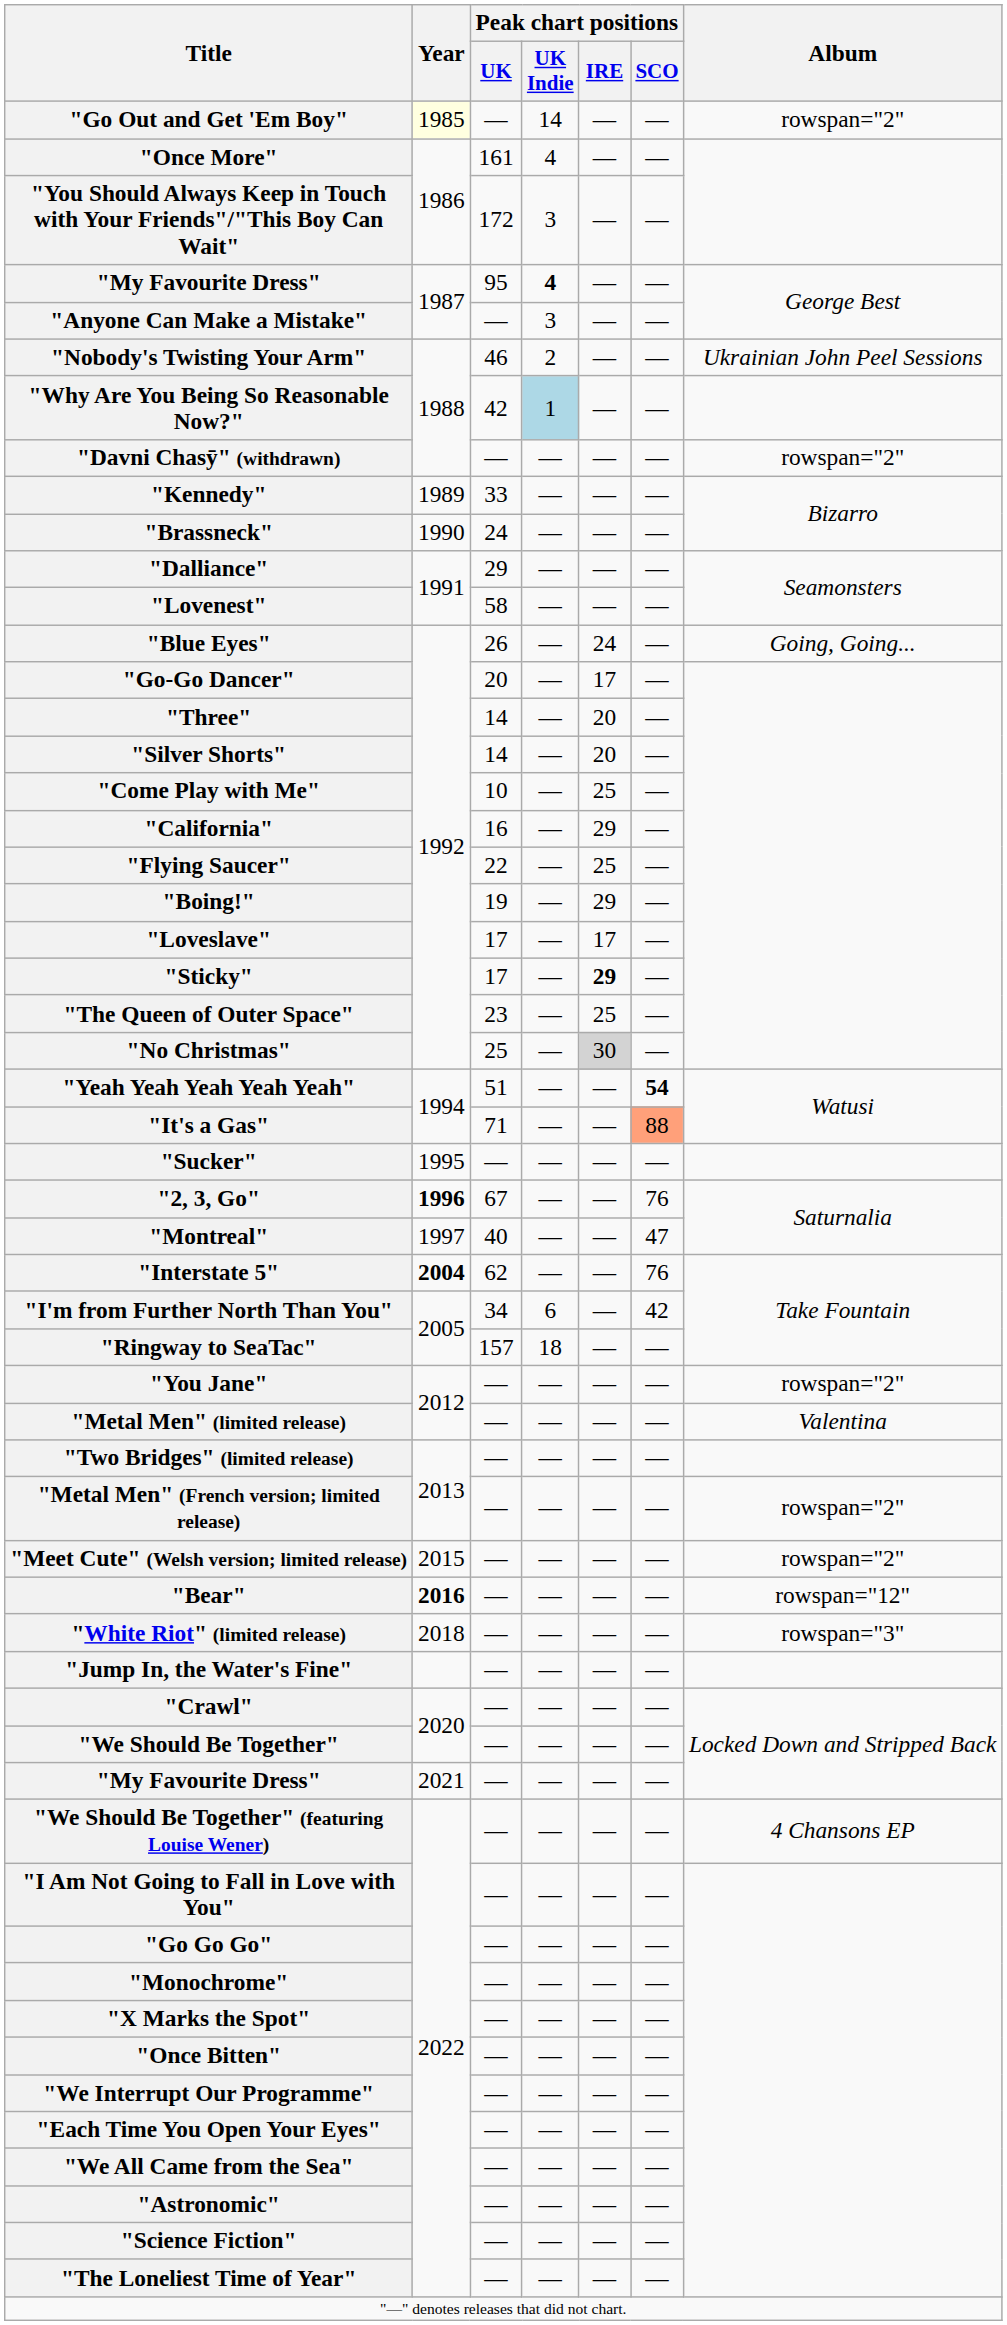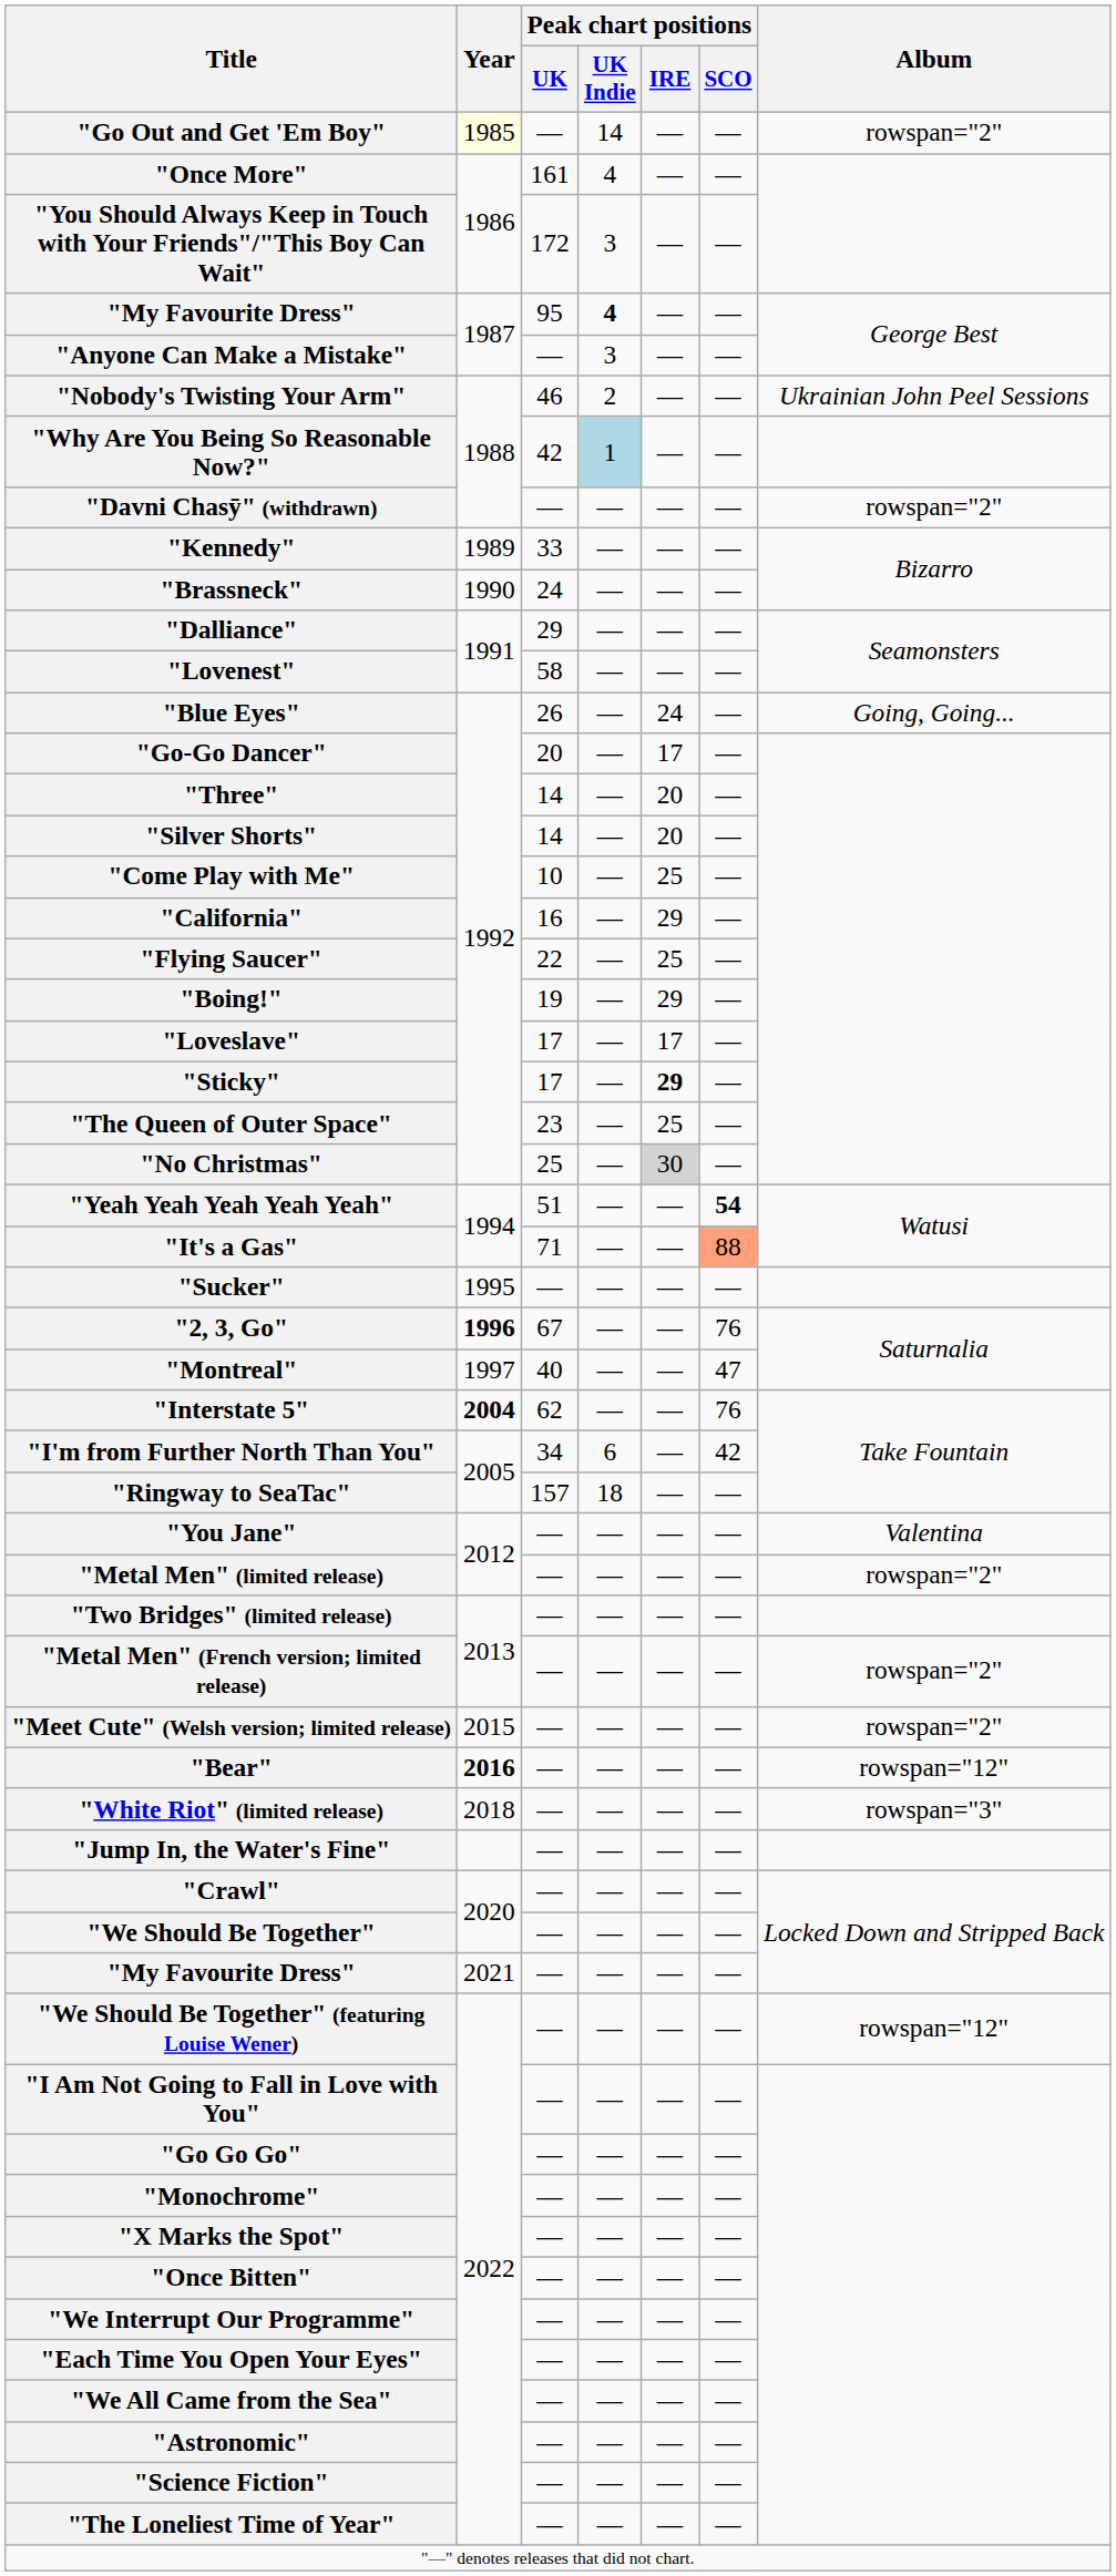 <table class="wikitable plainrowheaders" style="text-align:center;">
 <tr>
 <th rowspan="2" scope="col" style="width:17em;">Title</th>
 <th rowspan="2" scope="col" style="width:2em;">Year</th>
 <th colspan="4">Peak chart positions</th>
 <th rowspan="2">Album</th>
 </tr>
 <tr>
 <th scope="col" style="width:2em;font-size:90%;"><a href='#'>UK</a><br></th>
 <th scope="col" style="width:2em;font-size:90%;"><a href='#'>UK<br>Indie</a><br></th>
 <th scope="col" style="width:2em;font-size:90%;"><a href='#'>IRE</a><br></th>
 <th scope="col" style="width:2em;font-size:90%;"><a href='#'>SCO</a></th>
 </tr>
 <tr>
 <th scope="row">"Go Out and Get 'Em Boy"</th>
 <td style="background: lightyellow;">1985</td>
 <td>—</td>
 <td>14</td>
 <td>—</td>
 <td>—</td>
 <td>rowspan="2" </td>
 </tr>
 <tr>
 <th scope="row">"Once More"</th>
 <td rowspan="2">1986</td>
 <td>161</td>
 <td>4</td>
 <td>—</td>
 <td>—</td>
 </tr>
 <tr>
 <th scope="row">"You Should Always Keep in Touch with Your Friends"/"This Boy Can Wait"</th>
 <td>172</td>
 <td>3</td>
 <td>—</td>
 <td>—</td>
 </tr>
 <tr>
 <th scope="row">"My Favourite Dress"</th>
 <td rowspan="2">1987</td>
 <td>95</td>
 <td><strong>4</strong></td>
 <td>—</td>
 <td>—</td>
 <td rowspan="2"><em>George Best</em></td>
 </tr>
 <tr>
 <th scope="row">"Anyone Can Make a Mistake"</th>
 <td>—</td>
 <td>3</td>
 <td>—</td>
 <td>—</td>
 </tr>
 <tr>
 <th scope="row">"Nobody's Twisting Your Arm"</th>
 <td rowspan="3">1988</td>
 <td>46</td>
 <td>2</td>
 <td>—</td>
 <td>—</td>
 <td><em>Ukrainian John Peel Sessions</em></td>
 </tr>
 <tr>
 <th scope="row">"Why Are You Being So Reasonable Now?"</th>
 <td>42</td>
 <td style="background: lightblue;">1</td>
 <td>—</td>
 <td>—</td>
 </tr>
 <tr>
 <th scope="row">"Davni Chasȳ" <small>(withdrawn)</small></th>
 <td>—</td>
 <td>—</td>
 <td>—</td>
 <td>—</td>
 <td>rowspan="2" </td>
 </tr>
 <tr>
 <th scope="row">"Kennedy"</th>
 <td>1989</td>
 <td>33</td>
 <td>—</td>
 <td>—</td>
 <td>—</td>
 <td rowspan="2"><em>Bizarro</em></td>
 </tr>
 <tr>
 <th scope="row">"Brassneck"</th>
 <td>1990</td>
 <td>24</td>
 <td>—</td>
 <td>—</td>
 <td>—</td>
 </tr>
 <tr>
 <th scope="row">"Dalliance"</th>
 <td rowspan="2">1991</td>
 <td>29</td>
 <td>—</td>
 <td>—</td>
 <td>—</td>
 <td rowspan="2"><em>Seamonsters</em></td>
 </tr>
 <tr>
 <th scope="row">"Lovenest"</th>
 <td>58</td>
 <td>—</td>
 <td>—</td>
 <td>—</td>
 </tr>
 <tr>
 <th scope="row">"Blue Eyes"</th>
 <td rowspan="12">1992</td>
 <td>26</td>
 <td>—</td>
 <td>24</td>
 <td>—</td>
 <td><em>Going, Going...</em></td>
 </tr>
 <tr>
 <th scope="row">"Go-Go Dancer"</th>
 <td>20</td>
 <td>—</td>
 <td>17</td>
 <td>—</td>
 </tr>
 <tr>
 <th scope="row">"Three"</th>
 <td>14</td>
 <td>—</td>
 <td>20</td>
 <td>—</td>
 </tr>
 <tr>
 <th scope="row">"Silver Shorts"</th>
 <td>14</td>
 <td>—</td>
 <td>20</td>
 <td>—</td>
 </tr>
 <tr>
 <th scope="row">"Come Play with Me"</th>
 <td>10</td>
 <td>—</td>
 <td>25</td>
 <td>—</td>
 </tr>
 <tr>
 <th scope="row">"California"</th>
 <td>16</td>
 <td>—</td>
 <td>29</td>
 <td>—</td>
 </tr>
 <tr>
 <th scope="row">"Flying Saucer"</th>
 <td>22</td>
 <td>—</td>
 <td>25</td>
 <td>—</td>
 </tr>
 <tr>
 <th scope="row">"Boing!"</th>
 <td>19</td>
 <td>—</td>
 <td>29</td>
 <td>—</td>
 </tr>
 <tr>
 <th scope="row">"Loveslave"</th>
 <td>17</td>
 <td>—</td>
 <td>17</td>
 <td>—</td>
 </tr>
 <tr>
 <th scope="row">"Sticky"</th>
 <td>17</td>
 <td>—</td>
 <td><strong>29</strong></td>
 <td>—</td>
 </tr>
 <tr>
 <th scope="row">"The Queen of Outer Space"</th>
 <td>23</td>
 <td>—</td>
 <td>25</td>
 <td>—</td>
 </tr>
 <tr>
 <th scope="row">"No Christmas"</th>
 <td>25</td>
 <td>—</td>
 <td style="background: lightgrey;">30</td>
 <td>—</td>
 </tr>
 <tr>
 <th scope="row">"Yeah Yeah Yeah Yeah Yeah"</th>
 <td rowspan="2">1994</td>
 <td>51</td>
 <td>—</td>
 <td>—</td>
 <td><strong>54</strong></td>
 <td rowspan="2"><em>Watusi</em></td>
 </tr>
 <tr>
 <th scope="row">"It's a Gas"</th>
 <td>71</td>
 <td>—</td>
 <td>—</td>
 <td style="background: lightsalmon;">88</td>
 </tr>
 <tr>
 <th scope="row">"Sucker"</th>
 <td>1995</td>
 <td>—</td>
 <td>—</td>
 <td>—</td>
 <td>—</td>
 <td></td>
 </tr>
 <tr>
 <th scope="row">"2, 3, Go"</th>
 <td><strong>1996</strong></td>
 <td>67</td>
 <td>—</td>
 <td>—</td>
 <td>76</td>
 <td rowspan="2"><em>Saturnalia</em></td>
 </tr>
 <tr>
 <th scope="row">"Montreal"</th>
 <td>1997</td>
 <td>40</td>
 <td>—</td>
 <td>—</td>
 <td>47</td>
 </tr>
 <tr>
 <th scope="row">"Interstate 5"</th>
 <td><strong>2004</strong></td>
 <td>62</td>
 <td>—</td>
 <td>—</td>
 <td>76</td>
 <td rowspan="3"><em>Take Fountain</em></td>
 </tr>
 <tr>
 <th scope="row">"I'm from Further North Than You"</th>
 <td rowspan="2">2005</td>
 <td>34</td>
 <td>6</td>
 <td>—</td>
 <td>42</td>
 </tr>
 <tr>
 <th scope="row">"Ringway to SeaTac"</th>
 <td>157</td>
 <td>18</td>
 <td>—</td>
 <td>—</td>
 </tr>
 <tr>
 <th scope="row">"You Jane"</th>
 <td rowspan="2">2012</td>
 <td>—</td>
 <td>—</td>
 <td>—</td>
 <td>—</td>
-<td>rowspan="2" </td>
+<td><em>Valentina</em></td>
 </tr>
 <tr>
 <th scope="row">"Metal Men" <small>(limited release)</small></th>
 <td>—</td>
 <td>—</td>
 <td>—</td>
 <td>—</td>
-<td><em>Valentina</em></td>
+<td>rowspan="2" </td>
 </tr>
 <tr>
 <th scope="row">"Two Bridges" <small>(limited release)</small></th>
 <td rowspan="2">2013</td>
 <td>—</td>
 <td>—</td>
 <td>—</td>
 <td>—</td>
 </tr>
 <tr>
 <th scope="row">"Metal Men" <small>(French version; limited release)</small></th>
 <td>—</td>
 <td>—</td>
 <td>—</td>
 <td>—</td>
 <td>rowspan="2" </td>
 </tr>
 <tr>
 <th scope="row">"Meet Cute" <small>(Welsh version; limited release)</small></th>
 <td>2015</td>
 <td>—</td>
 <td>—</td>
 <td>—</td>
 <td>—</td>
 <td>rowspan="2" </td>
 </tr>
 <tr>
 <th scope="row">"Bear"</th>
 <td><strong>2016</strong></td>
 <td>—</td>
 <td>—</td>
 <td>—</td>
 <td>—</td>
 <td>rowspan="12" </td>
 </tr>
 <tr>
 <th scope="row">"<a href='#'>White Riot</a>" <small>(limited release)</small></th>
 <td>2018</td>
 <td>—</td>
 <td>—</td>
 <td>—</td>
 <td>—</td>
 <td>rowspan="3" </td>
 </tr>
 <tr>
 <th scope="row">"Jump In, the Water's Fine"</th>
 <td></td>
 <td>—</td>
 <td>—</td>
 <td>—</td>
 <td>—</td>
 </tr>
 <tr>
 <th scope="row">"Crawl"</th>
 <td rowspan="2">2020</td>
 <td>—</td>
 <td>—</td>
 <td>—</td>
 <td>—</td>
 <td rowspan="3"><em>Locked Down and Stripped Back</em></td>
 </tr>
 <tr>
 <th scope="row">"We Should Be Together"</th>
 <td>—</td>
 <td>—</td>
 <td>—</td>
 <td>—</td>
 </tr>
 <tr>
 <th scope="row">"My Favourite Dress"</th>
 <td>2021</td>
 <td>—</td>
 <td>—</td>
 <td>—</td>
 <td>—</td>
 </tr>
 <tr>
 <th scope="row">"We Should Be Together" <small>(featuring <a href='#'>Louise Wener</a>)</small></th>
 <td rowspan="12">2022</td>
 <td>—</td>
 <td>—</td>
 <td>—</td>
 <td>—</td>
-<td><em>4 Chansons EP</em></td>
+<td>rowspan="12" </td>
 </tr>
 <tr>
 <th scope="row">"I Am Not Going to Fall in Love with You"</th>
 <td>—</td>
 <td>—</td>
 <td>—</td>
 <td>—</td>
 </tr>
 <tr>
 <th scope="row">"Go Go Go"</th>
 <td>—</td>
 <td>—</td>
 <td>—</td>
 <td>—</td>
 </tr>
 <tr>
 <th scope="row">"Monochrome"</th>
 <td>—</td>
 <td>—</td>
 <td>—</td>
 <td>—</td>
 </tr>
 <tr>
 <th scope="row">"X Marks the Spot"</th>
 <td>—</td>
 <td>—</td>
 <td>—</td>
 <td>—</td>
 </tr>
 <tr>
 <th scope="row">"Once Bitten"</th>
 <td>—</td>
 <td>—</td>
 <td>—</td>
 <td>—</td>
 </tr>
 <tr>
 <th scope="row">"We Interrupt Our Programme"</th>
 <td>—</td>
 <td>—</td>
 <td>—</td>
 <td>—</td>
 </tr>
 <tr>
 <th scope="row">"Each Time You Open Your Eyes"</th>
 <td>—</td>
 <td>—</td>
 <td>—</td>
 <td>—</td>
 </tr>
 <tr>
 <th scope="row">"We All Came from the Sea"</th>
 <td>—</td>
 <td>—</td>
 <td>—</td>
 <td>—</td>
 </tr>
 <tr>
 <th scope="row">"Astronomic"</th>
 <td>—</td>
 <td>—</td>
 <td>—</td>
 <td>—</td>
 </tr>
 <tr>
 <th scope="row">"Science Fiction"</th>
 <td>—</td>
 <td>—</td>
 <td>—</td>
 <td>—</td>
 </tr>
 <tr>
 <th scope="row">"The Loneliest Time of Year"</th>
 <td>—</td>
 <td>—</td>
 <td>—</td>
 <td>—</td>
 </tr>
 <tr>
 <td colspan="7" style="font-size:8pt">"—" denotes releases that did not chart.</td>
 </tr>
 </table>
